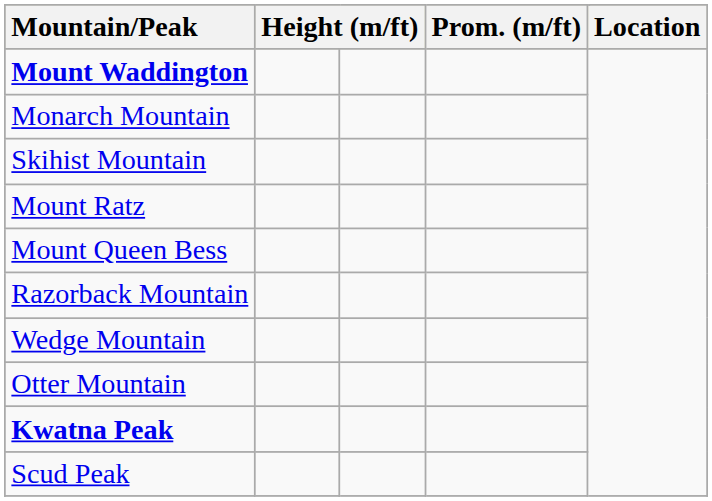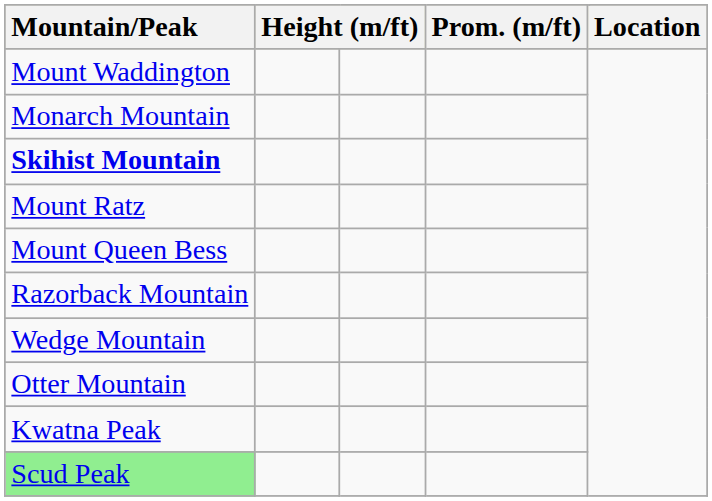 <table class="wikitable sortable">
 <tr style="background:#ffc;">
 <th style="text-align:left;">Mountain/Peak</th>
 <th colspan=2>Height (m/ft)</th>
 <th colspan=2>Prom. (m/ft)</th>
 <th>Location</th>
 </tr>
 <tr>
-<td><strong><a href='#'>Mount Waddington</a></strong></td>
+<td><a href='#'>Mount Waddington</a></td>
 <td></td>
 <td></td>
 <td></td>
 </tr>
 <tr>
 <td><a href='#'>Monarch Mountain</a></td>
 <td></td>
 <td></td>
 <td></td>
 </tr>
 <tr>
-<td><a href='#'>Skihist Mountain</a></td>
+<td><strong><a href='#'>Skihist Mountain</a></strong></td>
 <td></td>
 <td></td>
 <td></td>
 </tr>
 <tr>
 <td><a href='#'>Mount Ratz</a></td>
 <td></td>
 <td></td>
 <td></td>
 </tr>
 <tr>
 <td><a href='#'>Mount Queen Bess</a></td>
 <td></td>
 <td></td>
 <td></td>
 </tr>
 <tr>
 <td><a href='#'>Razorback Mountain</a></td>
 <td></td>
 <td></td>
 <td></td>
 </tr>
 <tr>
 <td><a href='#'>Wedge Mountain</a></td>
 <td></td>
 <td></td>
 <td></td>
 </tr>
 <tr>
 <td><a href='#'>Otter Mountain</a></td>
 <td></td>
 <td></td>
 <td></td>
 </tr>
 <tr>
-<td><strong><a href='#'>Kwatna Peak</a></strong></td>
+<td><a href='#'>Kwatna Peak</a></td>
 <td></td>
 <td></td>
 <td></td>
 </tr>
 <tr>
-<td><a href='#'>Scud Peak</a></td>
+<td style="background: lightgreen;"><a href='#'>Scud Peak</a></td>
 <td></td>
 <td></td>
 <td></td>
 </tr>
 </table>
